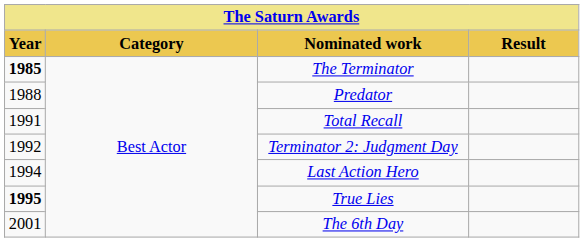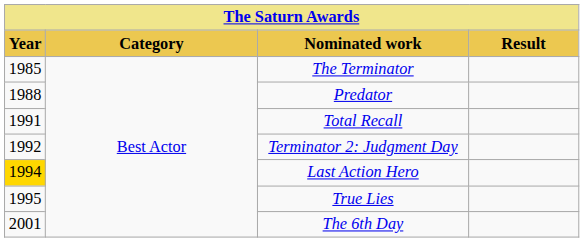 <table class="wikitable">
 <tr>
 <th colspan="4" style="background:#F0E68C" align="center"><a href='#'>The Saturn Awards</a></th>
 </tr>
 <tr>
 <th width="33" style="background:#ECC850;">Year</th>
 <th width="200" style="background:#ECC850;">Category</th>
 <th width="200" style="background:#ECC850;">Nominated work</th>
 <th width="100" style="background:#ECC850;">Result</th>
 </tr>
 <tr>
-<td align="center"><strong>1985</strong></td>
+<td align="center">1985</td>
 <td align="center" rowspan="7"><a href='#'>Best Actor</a></td>
 <td align="center"><em><a href='#'>The Terminator</a></em></td>
 <td></td>
 </tr>
 <tr>
 <td align="center">1988</td>
 <td align="center"><em><a href='#'>Predator</a></em></td>
 <td></td>
 </tr>
 <tr>
 <td align="center">1991</td>
 <td align="center"><em><a href='#'>Total Recall</a></em></td>
 <td></td>
 </tr>
 <tr>
 <td align="center">1992</td>
 <td align="center"><em><a href='#'>Terminator 2: Judgment Day</a></em></td>
 <td></td>
 </tr>
 <tr>
-<td align="center">1994</td>
+<td align="center" style="background: gold;">1994</td>
 <td align="center"><em><a href='#'>Last Action Hero</a></em></td>
 <td></td>
 </tr>
 <tr>
-<td align="center"><strong>1995</strong></td>
+<td align="center">1995</td>
 <td align="center"><em><a href='#'>True Lies</a></em></td>
 <td></td>
 </tr>
 <tr>
 <td align="center">2001</td>
 <td align="center"><em><a href='#'>The 6th Day</a></em></td>
 <td></td>
 </tr>
 </table>
